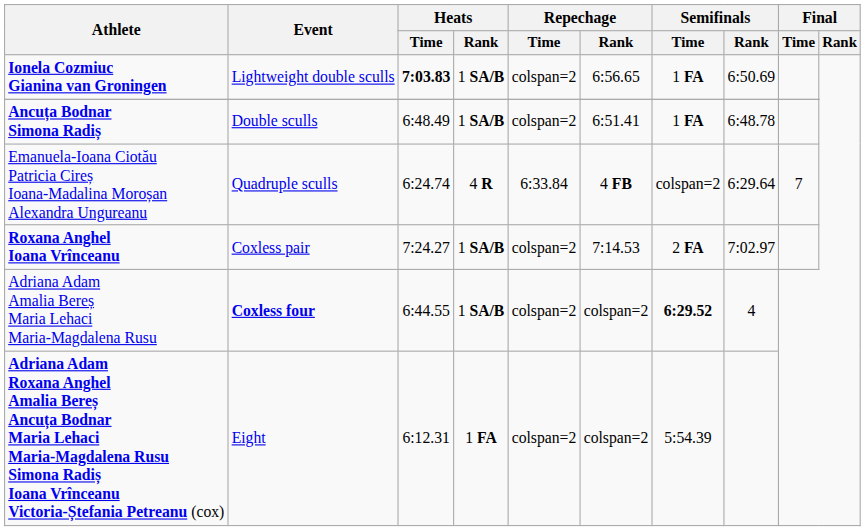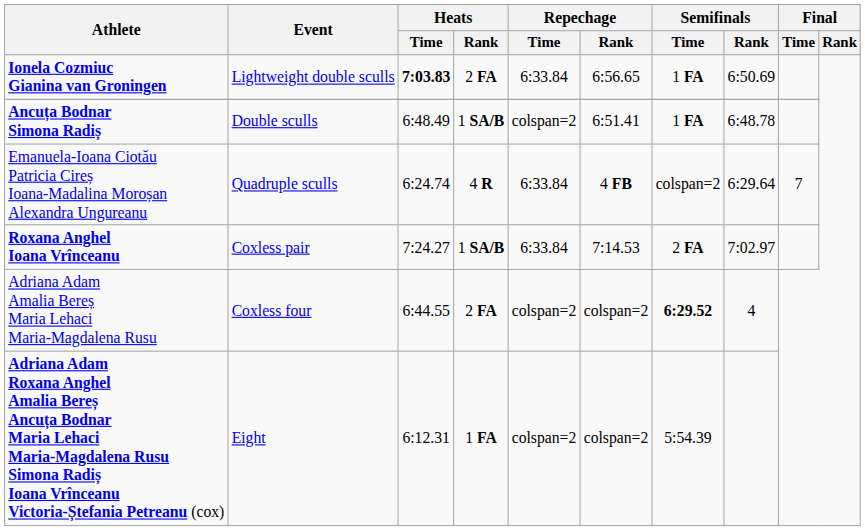 <table class=wikitable style=font-size:90%;text-align:center>
 <tr>
 <th rowspan=2>Athlete</th>
 <th rowspan=2>Event</th>
 <th colspan=2>Heats</th>
 <th colspan=2>Repechage</th>
 <th colspan=2>Semifinals</th>
 <th colspan=2>Final</th>
 </tr>
 <tr style=font-size:95%>
 <th>Time</th>
 <th>Rank</th>
 <th>Time</th>
 <th>Rank</th>
 <th>Time</th>
 <th>Rank</th>
 <th>Time</th>
 <th>Rank</th>
 </tr>
 <tr>
 <td align=left><strong><a href='#'>Ionela Cozmiuc</a></strong><br><strong><a href='#'>Gianina van Groningen</a></strong></td>
 <td align=left><a href='#'>Lightweight double sculls</a></td>
 <td><strong>7:03.83</strong></td>
-<td>1 <strong>SA/B</strong></td>
-<td>colspan=2 </td>
+<td>2 <strong>FA</strong></td>
+<td>6:33.84</td>
 <td>6:56.65</td>
 <td>1 <strong>FA</strong></td>
 <td>6:50.69</td>
 <td></td>
 </tr>
 <tr>
 </tr>
 <tr>
 <td align=left><strong><a href='#'>Ancuța Bodnar</a></strong><br><strong><a href='#'>Simona Radiș</a></strong></td>
 <td align=left><a href='#'>Double sculls</a></td>
 <td>6:48.49</td>
 <td>1 <strong>SA/B</strong></td>
 <td>colspan=2 </td>
 <td>6:51.41</td>
 <td>1 <strong>FA</strong></td>
 <td>6:48.78</td>
 <td></td>
 </tr>
 <tr>
 <td align=left><a href='#'>Emanuela-Ioana Ciotău</a><br><a href='#'>Patricia Cireș</a><br><a href='#'>Ioana-Madalina Moroșan</a><br><a href='#'>Alexandra Ungureanu</a></td>
 <td align=left><a href='#'>Quadruple sculls</a></td>
 <td>6:24.74</td>
 <td>4 <strong>R</strong></td>
 <td>6:33.84</td>
 <td>4 <strong>FB</strong></td>
 <td>colspan=2 </td>
 <td>6:29.64</td>
 <td>7</td>
 </tr>
 <tr>
 <td align=left><strong><a href='#'>Roxana Anghel</a></strong><br><strong><a href='#'>Ioana Vrînceanu</a></strong></td>
 <td align=left><a href='#'>Coxless pair</a></td>
 <td>7:24.27</td>
 <td>1 <strong>SA/B</strong></td>
-<td>colspan=2 </td>
+<td>6:33.84</td>
 <td>7:14.53</td>
 <td>2 <strong>FA</strong></td>
 <td>7:02.97</td>
 <td></td>
 </tr>
 <tr>
 <td align=left><a href='#'>Adriana Adam</a><br><a href='#'>Amalia Bereș</a><br><a href='#'>Maria Lehaci</a><br><a href='#'>Maria-Magdalena Rusu</a></td>
-<td align=left><strong><a href='#'>Coxless four</a></strong></td>
+<td align=left><a href='#'>Coxless four</a></td>
 <td>6:44.55</td>
-<td>1 <strong>SA/B</strong></td>
+<td>2 <strong>FA</strong></td>
 <td>colspan=2 </td>
 <td>colspan=2 </td>
 <td><strong>6:29.52</strong></td>
 <td>4</td>
 </tr>
 <tr>
 <td align=left><strong><a href='#'>Adriana Adam</a></strong><br><strong><a href='#'>Roxana Anghel</a></strong><br><strong><a href='#'>Amalia Bereș</a></strong><br><strong><a href='#'>Ancuța Bodnar</a></strong><br><strong><a href='#'>Maria Lehaci</a></strong><br><strong><a href='#'>Maria-Magdalena Rusu</a></strong><br><strong><a href='#'>Simona Radiș</a></strong><br><strong><a href='#'>Ioana Vrînceanu</a></strong><br><strong><a href='#'>Victoria-Ștefania Petreanu</a></strong> (cox)</td>
 <td align=left><a href='#'>Eight</a></td>
 <td>6:12.31</td>
 <td>1 <strong>FA</strong></td>
 <td>colspan=2 </td>
 <td>colspan=2 </td>
 <td>5:54.39</td>
 <td></td>
 </tr>
 </table>
